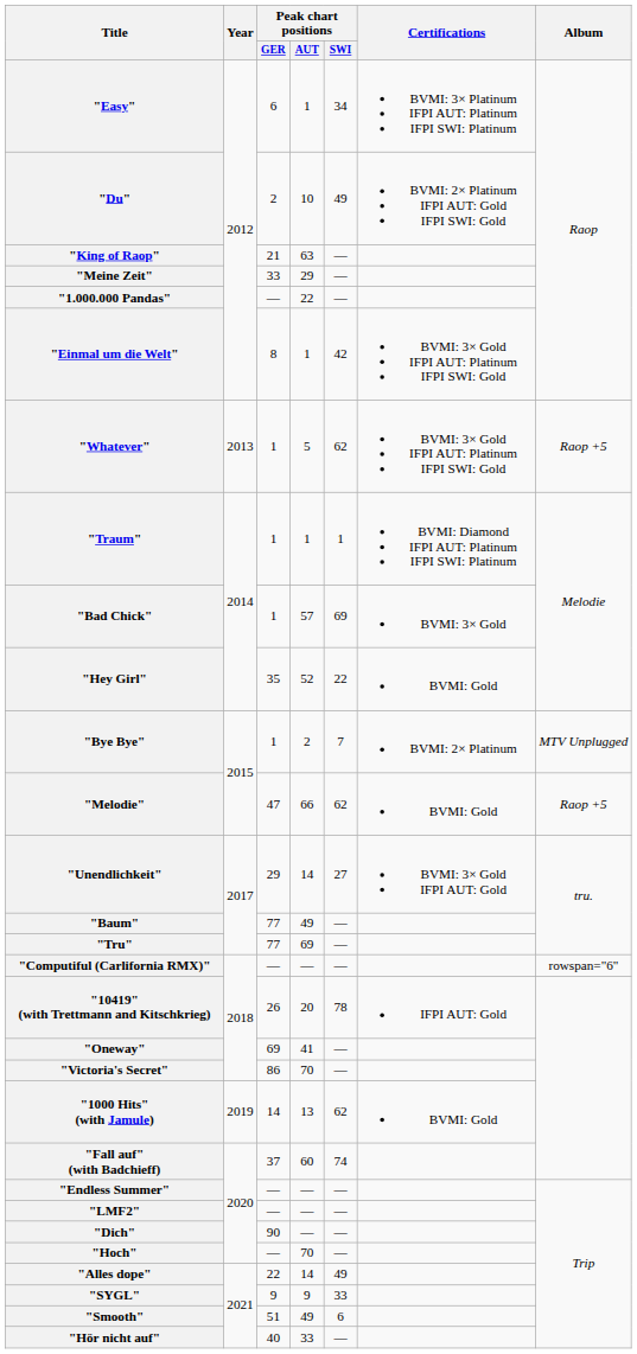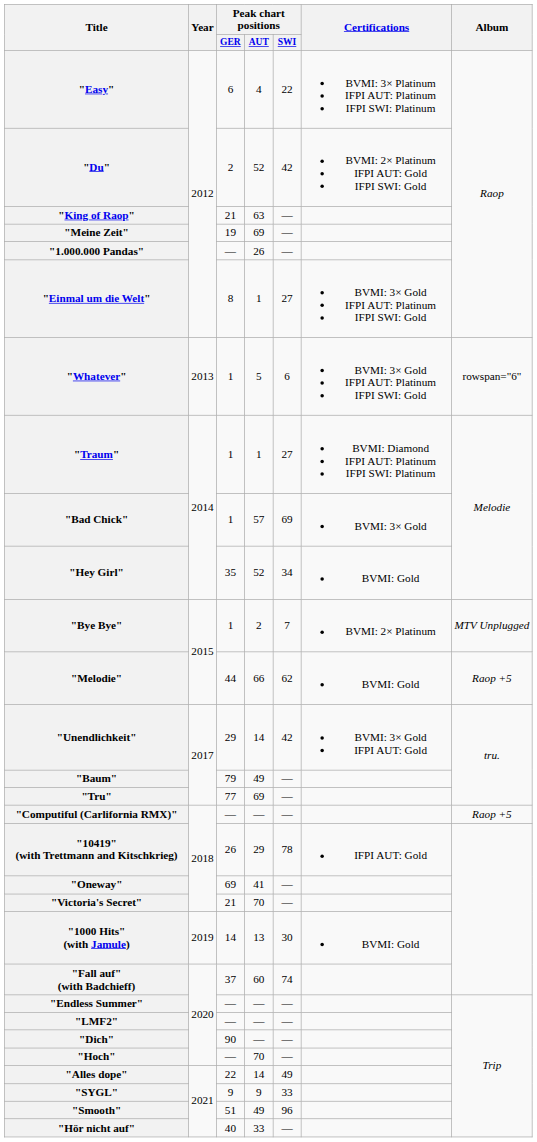 <table class="wikitable plainrowheaders" style="text-align:center;">
 <tr>
 <th scope="col" rowspan="2" style="width:16em;">Title</th>
 <th scope="col" rowspan="2" style="width:2em;">Year</th>
 <th scope="col" colspan="3">Peak chart positions</th>
 <th scope="col" rowspan="2" style="width:13em;"><a href='#'>Certifications</a></th>
 <th scope="col" rowspan="2">Album</th>
 </tr>
 <tr>
 <th style="width:2.5em; font-size:85%"><a href='#'>GER</a><br></th>
 <th style="width:2.5em; font-size:85%"><a href='#'>AUT</a><br></th>
 <th style="width:2.5em; font-size:85%"><a href='#'>SWI</a><br></th>
 </tr>
 <tr>
 <th scope="row">"<a href='#'>Easy</a>"</th>
 <td rowspan="6">2012</td>
 <td>6</td>
-<td>1</td>
-<td>34</td>
+<td>4</td>
+<td>22</td>
 <td><br><ul><li>BVMI: 3× Platinum</li><li>IFPI AUT: Platinum</li><li>IFPI SWI: Platinum</li></ul></td>
 <td rowspan="6"><em>Raop</em></td>
 </tr>
 <tr>
 <th scope="row">"<a href='#'>Du</a>"</th>
 <td>2</td>
-<td>10</td>
-<td>49</td>
+<td>52</td>
+<td>42</td>
 <td><br><ul><li>BVMI: 2× Platinum</li><li>IFPI AUT: Gold</li><li>IFPI SWI: Gold</li></ul></td>
 </tr>
 <tr>
 <th scope="row">"<a href='#'>King of Raop</a>"</th>
 <td>21</td>
 <td>63</td>
 <td>—</td>
 <td></td>
 </tr>
 <tr>
 <th scope="row">"Meine Zeit"</th>
-<td>33</td>
-<td>29</td>
+<td>19</td>
+<td>69</td>
 <td>—</td>
 <td></td>
 </tr>
 <tr>
 <th scope="row">"1.000.000 Pandas"</th>
 <td>—</td>
-<td>22</td>
+<td>26</td>
 <td>—</td>
 <td></td>
 </tr>
 <tr>
 <th scope="row">"<a href='#'>Einmal um die Welt</a>"</th>
 <td>8</td>
 <td>1</td>
-<td>42</td>
+<td>27</td>
 <td><br><ul><li>BVMI: 3× Gold</li><li>IFPI AUT: Platinum</li><li>IFPI SWI: Gold</li></ul></td>
 </tr>
 <tr>
 <th scope="row">"<a href='#'>Whatever</a>"</th>
 <td>2013</td>
 <td>1</td>
 <td>5</td>
-<td>62</td>
+<td>6</td>
 <td><br><ul><li>BVMI: 3× Gold</li><li>IFPI AUT: Platinum</li><li>IFPI SWI: Gold</li></ul></td>
-<td><em>Raop +5</em></td>
+<td>rowspan="6" </td>
 </tr>
 <tr>
 <th scope="row">"<a href='#'>Traum</a>"</th>
 <td rowspan="3">2014</td>
 <td>1</td>
 <td>1</td>
-<td>1</td>
+<td>27</td>
 <td><br><ul><li>BVMI: Diamond</li><li>IFPI AUT: Platinum</li><li>IFPI SWI: Platinum</li></ul></td>
 <td rowspan="3"><em>Melodie</em></td>
 </tr>
 <tr>
 <th scope="row">"Bad Chick"</th>
 <td>1</td>
 <td>57</td>
 <td>69</td>
 <td><br><ul><li>BVMI: 3× Gold</li></ul></td>
 </tr>
 <tr>
 <th scope="row">"Hey Girl"</th>
 <td>35</td>
 <td>52</td>
-<td>22</td>
+<td>34</td>
 <td><br><ul><li>BVMI: Gold</li></ul></td>
 </tr>
 <tr>
 <th scope="row">"Bye Bye"</th>
 <td rowspan="2">2015</td>
 <td>1</td>
 <td>2</td>
 <td>7</td>
 <td><br><ul><li>BVMI: 2× Platinum</li></ul></td>
 <td><em>MTV Unplugged</em></td>
 </tr>
 <tr>
 <th scope="row">"Melodie"</th>
-<td>47</td>
+<td>44</td>
 <td>66</td>
 <td>62</td>
 <td><br><ul><li>BVMI: Gold</li></ul></td>
 <td><em>Raop +5</em></td>
 </tr>
 <tr>
 <th scope="row">"Unendlichkeit"</th>
 <td rowspan="3">2017</td>
 <td>29</td>
 <td>14</td>
-<td>27</td>
+<td>42</td>
 <td><br><ul><li>BVMI: 3× Gold</li><li>IFPI AUT: Gold</li></ul></td>
 <td rowspan="3"><em>tru.</em></td>
 </tr>
 <tr>
 <th scope="row">"Baum"</th>
-<td>77</td>
+<td>79</td>
 <td>49</td>
 <td>—</td>
 <td></td>
 </tr>
 <tr>
 <th scope="row">"Tru"</th>
 <td>77</td>
 <td>69</td>
 <td>—</td>
 <td></td>
 </tr>
 <tr>
 <th scope="row">"Computiful (Carlifornia RMX)"</th>
 <td rowspan="4">2018</td>
 <td>—</td>
 <td>—</td>
 <td>—</td>
 <td></td>
-<td>rowspan="6" </td>
+<td><em>Raop +5</em></td>
 </tr>
 <tr>
 <th scope="row">"10419"<br><span>(with Trettmann and Kitschkrieg)</span></th>
 <td>26</td>
-<td>20</td>
+<td>29</td>
 <td>78</td>
 <td><br><ul><li>IFPI AUT: Gold</li></ul></td>
 </tr>
 <tr>
 <th scope="row">"Oneway"</th>
 <td>69</td>
 <td>41</td>
 <td>—</td>
 <td></td>
 </tr>
 <tr>
 <th scope="row">"Victoria's Secret"</th>
-<td>86</td>
+<td>21</td>
 <td>70</td>
 <td>—</td>
 <td></td>
 </tr>
 <tr>
 <th scope="row">"1000 Hits"<br><span>(with <a href='#'>Jamule</a>)</span></th>
 <td>2019</td>
 <td>14</td>
 <td>13</td>
-<td>62</td>
+<td>30</td>
 <td><br><ul><li>BVMI: Gold</li></ul></td>
 </tr>
 <tr>
 <th scope="row">"Fall auf"<br><span>(with Badchieff)</span></th>
 <td rowspan="5">2020</td>
 <td>37</td>
 <td>60</td>
 <td>74</td>
 <td></td>
 </tr>
 <tr>
 <th scope="row">"Endless Summer"</th>
 <td>—</td>
 <td>—</td>
 <td>—</td>
 <td></td>
 <td rowspan="9"><em>Trip</em></td>
 </tr>
 <tr>
 <th scope="row">"LMF2"</th>
 <td>—</td>
 <td>—</td>
 <td>—</td>
 <td></td>
 </tr>
 <tr>
 <th scope="row">"Dich"</th>
 <td>90</td>
 <td>—</td>
 <td>—</td>
 <td></td>
 </tr>
 <tr>
 <th scope="row">"Hoch"</th>
 <td>—</td>
 <td>70</td>
 <td>—</td>
 <td></td>
 </tr>
 <tr>
 <th scope="row">"Alles dope"</th>
 <td rowspan="9">2021</td>
 <td>22</td>
 <td>14</td>
 <td>49</td>
 <td></td>
 </tr>
 <tr>
 <th scope="row">"SYGL"<br></th>
 <td>9</td>
 <td>9</td>
 <td>33</td>
 <td></td>
 </tr>
 <tr>
 <th scope="row">"Smooth"</th>
 <td>51</td>
 <td>49</td>
-<td>6</td>
+<td>96</td>
 <td></td>
 </tr>
 <tr>
 <th scope="row">"Hör nicht auf"<br></th>
 <td>40</td>
 <td>33</td>
 <td>—</td>
 <td></td>
 </tr>
 </table>
